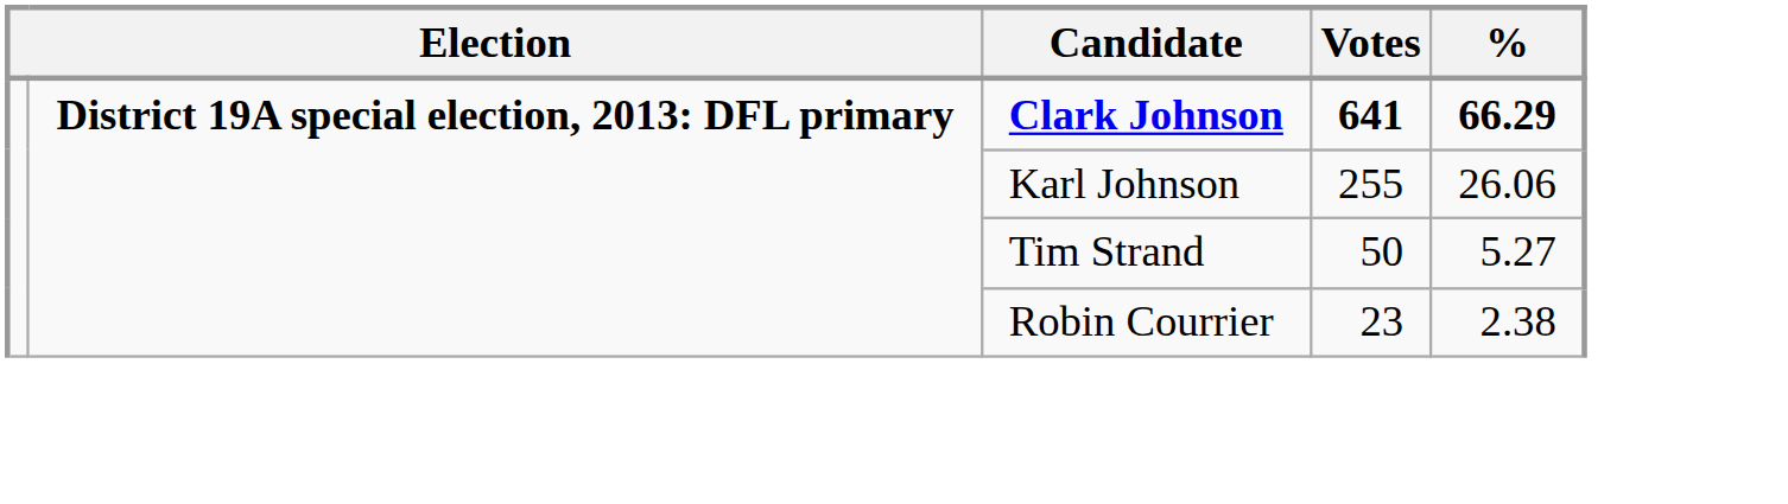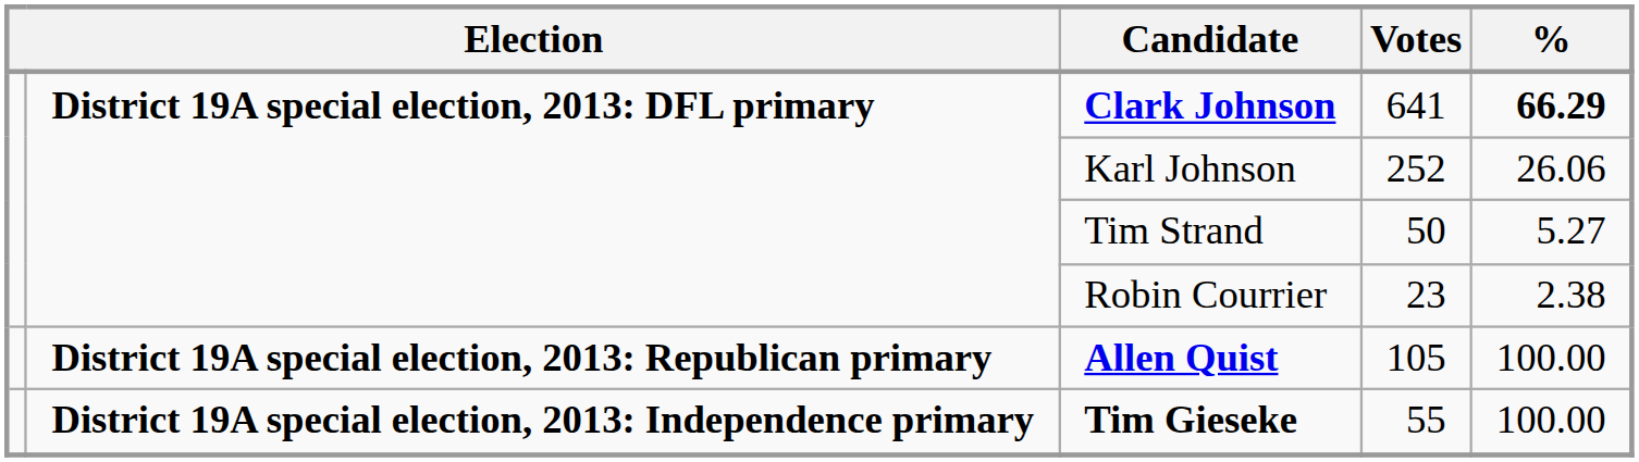 <table class="wikitable">
 <tr style="border: 2px solid #999999">
 <th colspan="2">Election</th>
 <th align="center">Candidate</th>
 <th align="center">Votes</th>
 <th align="center">%</th>
 </tr>
 <tr style="border-left: 2px solid #999999; border-right: 2px solid #999999">
 <td rowspan="4" style="background-color:"></td>
 <td rowspan="4" valign="top" style="padding:0.2em 0.6em 0.2em 0.6em"><strong>District 19A special election, 2013: DFL primary</strong></td>
 <td style="padding:0.2em 0.6em 0.2em 0.6em"><strong><a href='#'>Clark Johnson</a></strong></td>
-<td style="padding:0.2em 0.6em 0.2em 0.6em" align="right"><strong>641</strong></td>
+<td style="padding:0.2em 0.6em 0.2em 0.6em" align="right">641</td>
 <td style="padding:0.2em 0.6em 0.2em 0.6em" align="right"><strong>66.29</strong></td>
 </tr>
 <tr style="border-left: 2px solid #999999; border-right: 2px solid #999999">
 <td style="padding:0.2em 0.6em 0.2em 0.6em">Karl Johnson</td>
-<td style="padding:0.2em 0.6em 0.2em 0.6em" align="right">255</td>
+<td style="padding:0.2em 0.6em 0.2em 0.6em" align="right">252</td>
 <td style="padding:0.2em 0.6em 0.2em 0.6em" align="right">26.06</td>
 </tr>
 <tr style="border-left: 2px solid #999999; border-right: 2px solid #999999">
 <td style="padding:0.2em 0.6em 0.2em 0.6em">Tim Strand</td>
 <td style="padding:0.2em 0.6em 0.2em 0.6em" align="right">50</td>
 <td style="padding:0.2em 0.6em 0.2em 0.6em" align="right">5.27</td>
 </tr>
 <tr style="border-left: 2px solid #999999; border-right: 2px solid #999999">
 <td style="padding:0.2em 0.6em 0.2em 0.6em">Robin Courrier</td>
 <td style="padding:0.2em 0.6em 0.2em 0.6em" align="right">23</td>
 <td style="padding:0.2em 0.6em 0.2em 0.6em" align="right">2.38</td>
 </tr>
+<tr style="border-left: 2px solid #999999; border-right: 2px solid #999999">
+<td rowspan="1" style="background-color:"></td>
+<td rowspan="1" valign="top" style="padding:0.2em 0.6em 0.2em 0.6em"><strong>District 19A special election, 2013: Republican primary</strong></td>
+<td style="padding:0.2em 0.6em 0.2em 0.6em"><strong><a href='#'>Allen Quist</a></strong></td>
+<td style="padding:0.2em 0.6em 0.2em 0.6em" align="right">105</td>
+<td style="padding:0.2em 0.6em 0.2em 0.6em" align="right">100.00</td>
+</tr>
+<tr style="border-left: 2px solid #999999; border-right: 2px solid #999999; border-bottom: 2px solid #999999">
+<td rowspan="1" style="background-color:"></td>
+<td rowspan="1" valign="top" style="padding:0.2em 0.6em 0.2em 0.6em"><strong>District 19A special election, 2013: Independence primary</strong></td>
+<td style="padding:0.2em 0.6em 0.2em 0.6em"><strong>Tim Gieseke</strong></td>
+<td style="padding:0.2em 0.6em 0.2em 0.6em" align="right">55</td>
+<td style="padding:0.2em 0.6em 0.2em 0.6em" align="right">100.00</td>
+</tr>
 </table>
